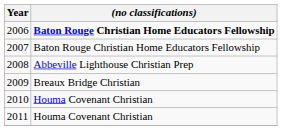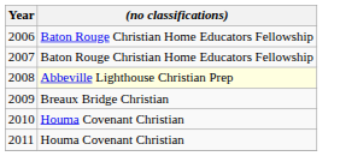 <table class="wikitable sortable">
 <tr>
 <th>Year</th>
 <th><em>(no classifications)</em></th>
 </tr>
 <tr>
 <td>2006</td>
-<td><strong><a href='#'>Baton Rouge</a> Christian Home Educators Fellowship</strong></td>
+<td><a href='#'>Baton Rouge</a> Christian Home Educators Fellowship</td>
 </tr>
 <tr>
 <td>2007</td>
 <td>Baton Rouge Christian Home Educators Fellowship</td>
 </tr>
 <tr>
 <td>2008</td>
-<td><a href='#'>Abbeville</a> Lighthouse Christian Prep</td>
+<td style="background: lightyellow;"><a href='#'>Abbeville</a> Lighthouse Christian Prep</td>
 </tr>
 <tr>
 <td>2009</td>
 <td>Breaux Bridge Christian</td>
 </tr>
 <tr>
 <td>2010</td>
 <td><a href='#'>Houma</a> Covenant Christian</td>
 </tr>
 <tr>
 <td>2011</td>
 <td>Houma Covenant Christian</td>
 </tr>
 <tr>
 </tr>
 </table>
